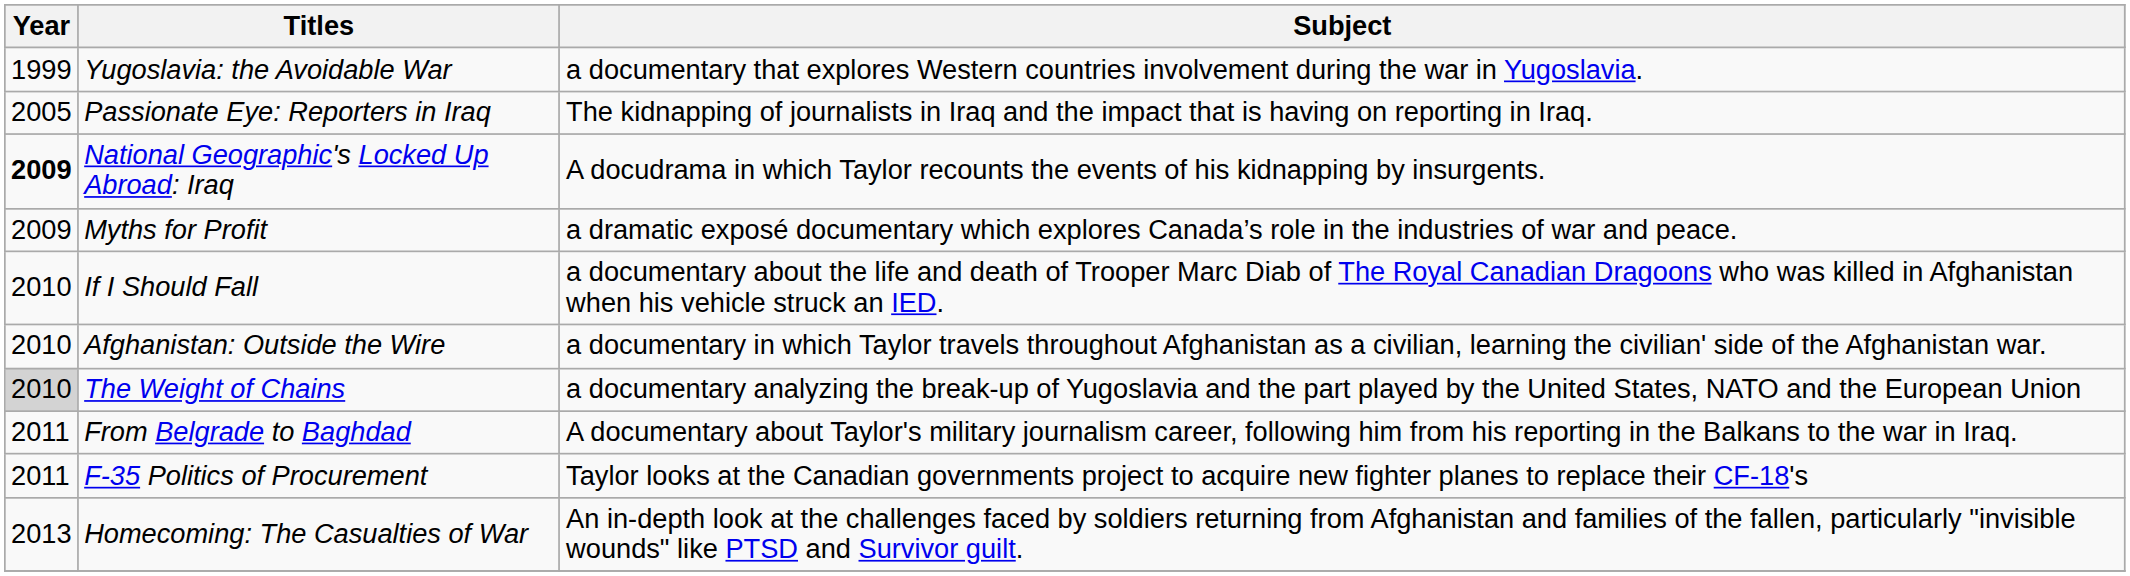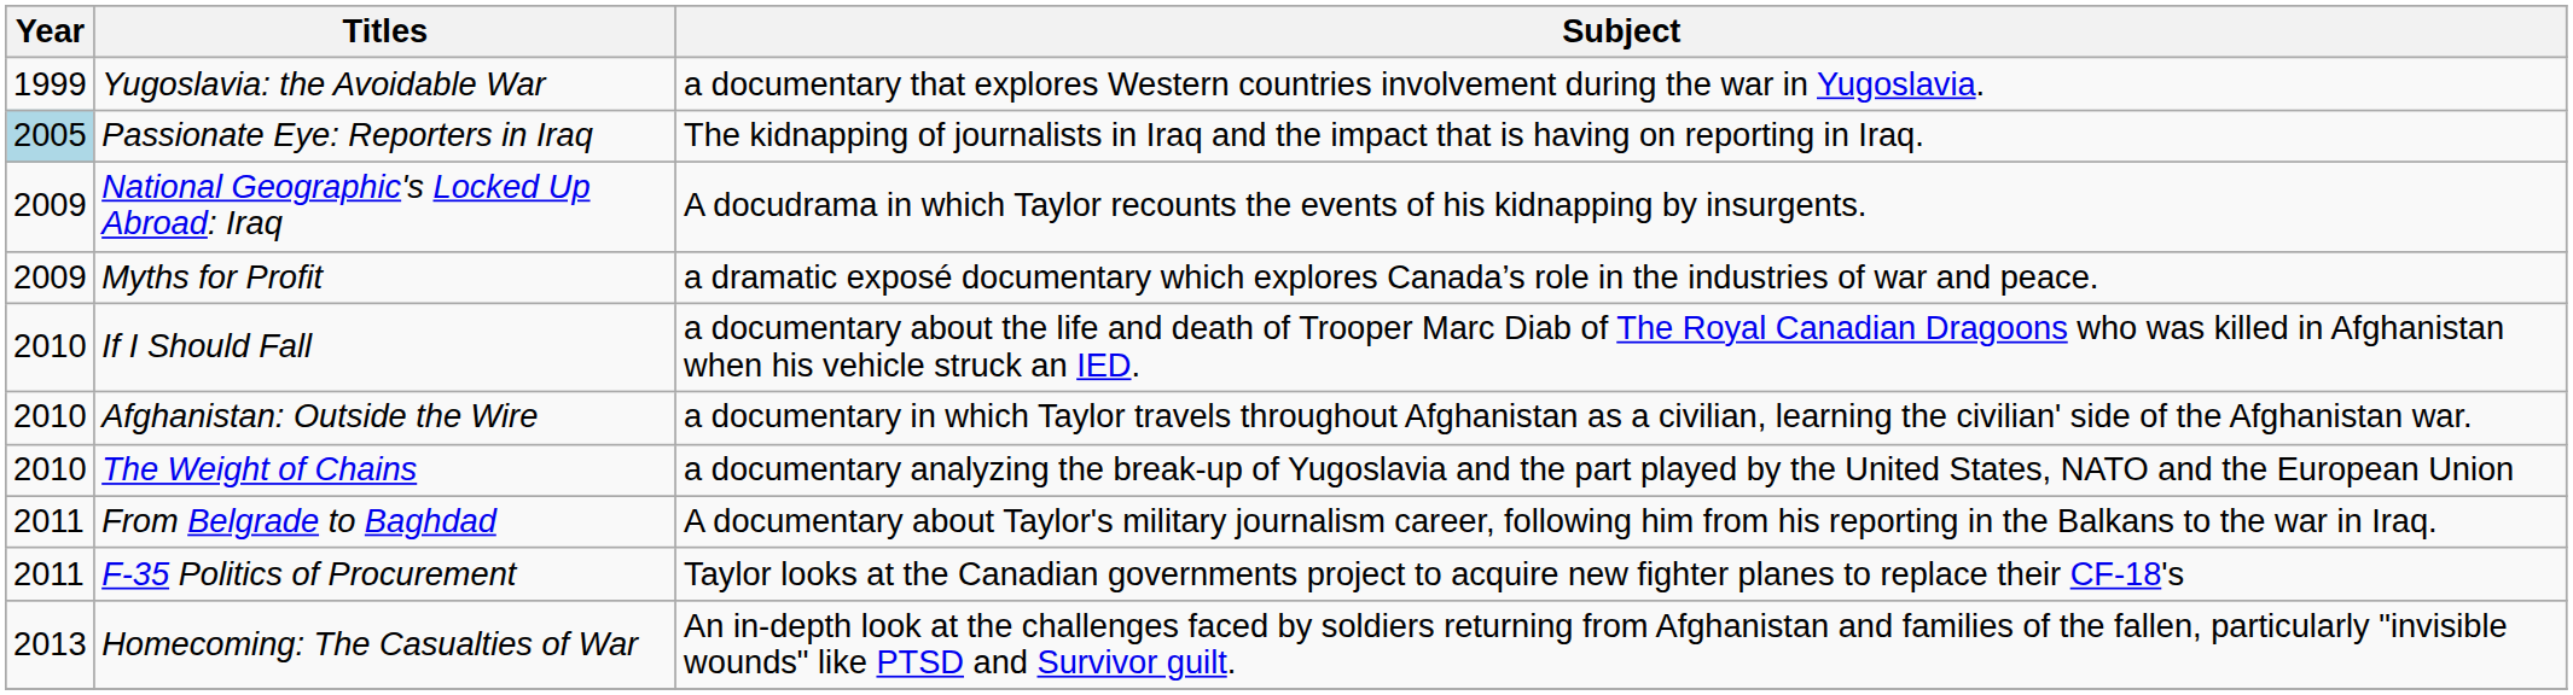 <table class="wikitable">
 <tr style="background:#ccc;">
 <th>Year</th>
 <th>Titles</th>
 <th>Subject</th>
 </tr>
 <tr>
 <td>1999</td>
 <td><em>Yugoslavia: the Avoidable War</em></td>
 <td>a documentary that explores Western countries involvement during the war in <a href='#'>Yugoslavia</a>.</td>
 </tr>
 <tr>
-<td>2005</td>
+<td style="background: lightblue;">2005</td>
 <td><em>Passionate Eye: Reporters in Iraq</em></td>
 <td>The kidnapping of journalists in Iraq and the impact that is having on reporting in Iraq.</td>
 </tr>
 <tr>
-<td><strong>2009</strong></td>
+<td>2009</td>
 <td><em><a href='#'>National Geographic</a>'s <a href='#'>Locked Up Abroad</a>: Iraq</em></td>
 <td>A docudrama in which Taylor recounts the events of his kidnapping by insurgents.</td>
 </tr>
 <tr>
 <td>2009</td>
 <td><em>Myths for Profit</em></td>
 <td>a dramatic exposé documentary which explores Canada’s role in the industries of war and peace.</td>
 </tr>
 <tr>
 <td>2010</td>
 <td><em>If I Should Fall</em></td>
 <td>a documentary about the life and death of Trooper Marc Diab of <a href='#'>The Royal Canadian Dragoons</a> who was killed in Afghanistan when his vehicle struck an <a href='#'>IED</a>.</td>
 </tr>
 <tr>
 <td>2010</td>
 <td><em>Afghanistan: Outside the Wire</em></td>
 <td>a documentary in which Taylor travels throughout Afghanistan as a civilian, learning the civilian' side of the Afghanistan war.</td>
 </tr>
 <tr>
-<td style="background: lightgrey;">2010</td>
+<td>2010</td>
 <td><em><a href='#'>The Weight of Chains</a></em></td>
 <td>a documentary analyzing the break-up of Yugoslavia and the part played by the United States, NATO and the European Union</td>
 </tr>
 <tr>
 <td>2011</td>
 <td><em>From <a href='#'>Belgrade</a> to <a href='#'>Baghdad</a></em></td>
 <td>A documentary about Taylor's military journalism career, following him from his reporting in the Balkans to the war in Iraq.</td>
 </tr>
 <tr>
 <td>2011</td>
 <td><em><a href='#'>F-35</a> Politics of Procurement</em></td>
 <td>Taylor looks at the Canadian governments project to acquire new fighter planes to replace their <a href='#'>CF-18</a>'s</td>
 </tr>
 <tr>
 <td>2013</td>
 <td><em>Homecoming: The Casualties of War</em></td>
 <td>An in-depth look at the challenges faced by soldiers returning from Afghanistan and families of the fallen, particularly "invisible wounds" like <a href='#'>PTSD</a> and <a href='#'>Survivor guilt</a>.</td>
 </tr>
 <tr>
 </tr>
 </table>
